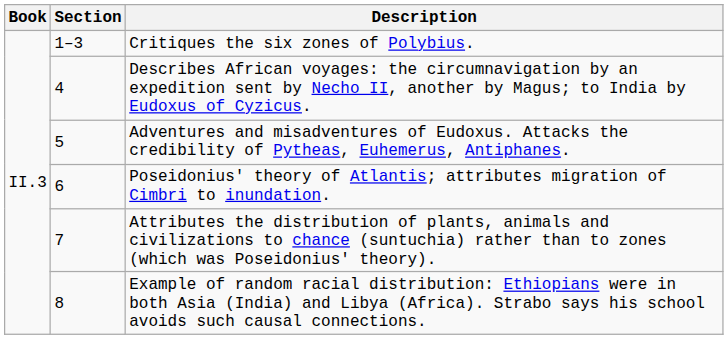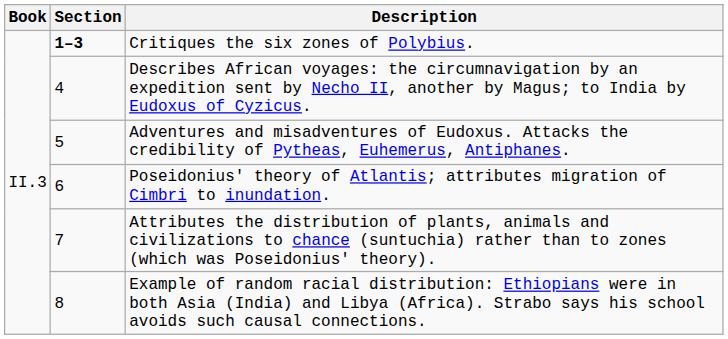 <table class="wikitable" style="max-width:45em;">
 <tr>
 <th>Book</th>
 <th>Section</th>
 <th>Description</th>
 </tr>
 <tr>
 <td rowspan="6">II.3</td>
-<td>1–3</td>
+<td><strong>1–3</strong></td>
 <td>Critiques the six zones of <a href='#'>Polybius</a>.</td>
 </tr>
 <tr>
 <td>4</td>
 <td>Describes African voyages: the circumnavigation by an expedition sent by <a href='#'>Necho II</a>, another by Magus; to India by <a href='#'>Eudoxus of Cyzicus</a>.</td>
 </tr>
 <tr>
 <td>5</td>
 <td>Adventures and misadventures of Eudoxus. Attacks the credibility of <a href='#'>Pytheas</a>, <a href='#'>Euhemerus</a>, <a href='#'>Antiphanes</a>.</td>
 </tr>
 <tr>
 <td>6</td>
 <td>Poseidonius' theory of <a href='#'>Atlantis</a>; attributes migration of <a href='#'>Cimbri</a> to <a href='#'>inundation</a>.</td>
 </tr>
 <tr>
 <td>7</td>
 <td>Attributes the distribution of plants, animals and civilizations to <a href='#'>chance</a> (suntuchia) rather than to zones (which was Poseidonius' theory).</td>
 </tr>
 <tr>
 <td>8</td>
 <td>Example of random racial distribution: <a href='#'>Ethiopians</a> were in both Asia (India) and Libya (Africa). Strabo says his school avoids such causal connections.</td>
 </tr>
 </table>
